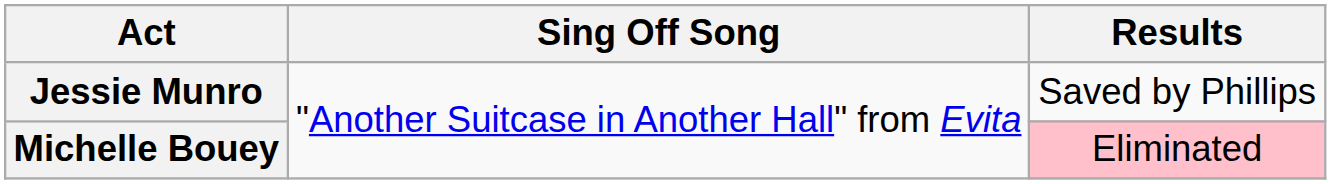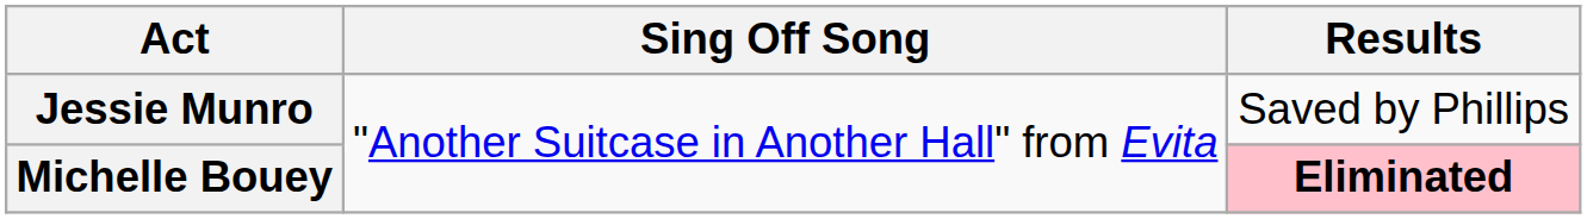 <table class="wikitable plainrowheaders" style="text-align:center;">
 <tr>
 <th scope="col">Act</th>
 <th scope="col">Sing Off Song</th>
 <th scope="col">Results</th>
 </tr>
 <tr>
 <th scope="row">Jessie Munro</th>
 <td rowspan="2">"<a href='#'>Another Suitcase in Another Hall</a>" from <em><a href='#'>Evita</a></em></td>
 <td>Saved by Phillips</td>
 </tr>
 <tr>
 <th scope="row">Michelle Bouey</th>
-<td style="background:pink;">Eliminated</td>
+<td style="background:pink;"><strong>Eliminated</strong></td>
 </tr>
 </table>
